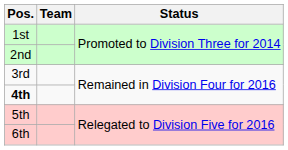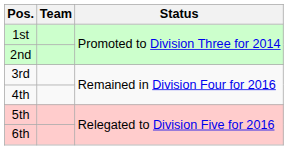 <table class="wikitable">
 <tr>
 <th>Pos.</th>
 <th>Team</th>
 <th>Status</th>
 </tr>
 <tr style="background:#cfc">
 <td align="center">1st</td>
 <td></td>
 <td rowspan=2>Promoted to <a href='#'>Division Three for 2014</a></td>
 </tr>
 <tr style="background:#cfc">
 <td align="center">2nd</td>
 <td></td>
 </tr>
 <tr>
 <td align="center">3rd</td>
 <td></td>
 <td rowspan=2>Remained in <a href='#'>Division Four for 2016</a></td>
 </tr>
 <tr>
-<td align="center"><strong>4th</strong></td>
+<td align="center">4th</td>
 <td></td>
 </tr>
 <tr style="background:#fcc">
 <td align="center">5th</td>
 <td></td>
 <td rowspan=2>Relegated to <a href='#'>Division Five for 2016</a></td>
 </tr>
 <tr style="background:#fcc">
 <td align="center">6th</td>
 <td></td>
 </tr>
 </table>
